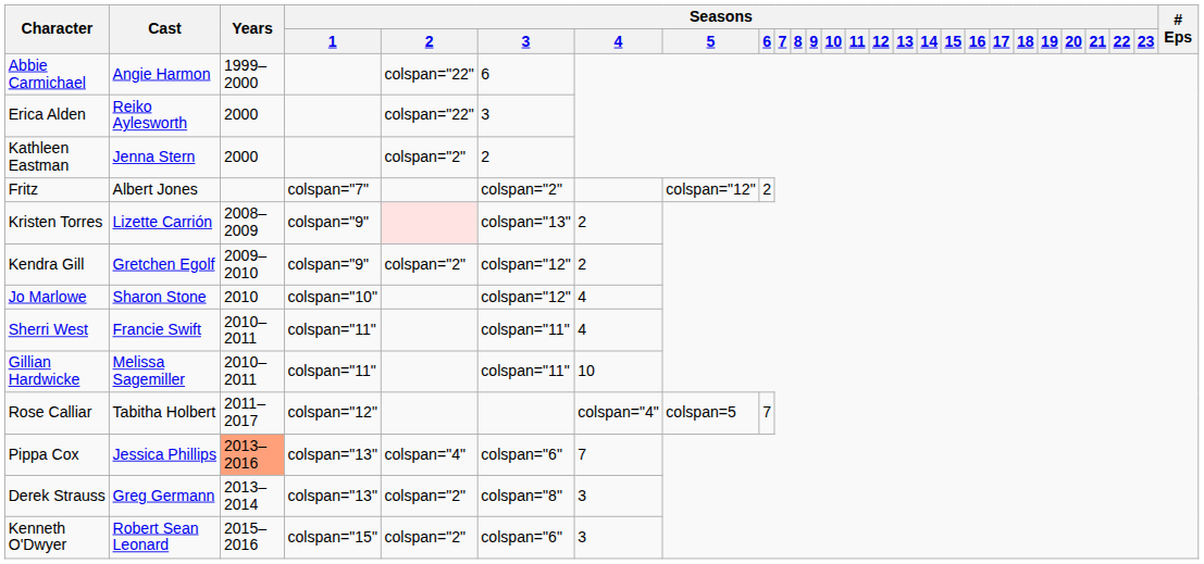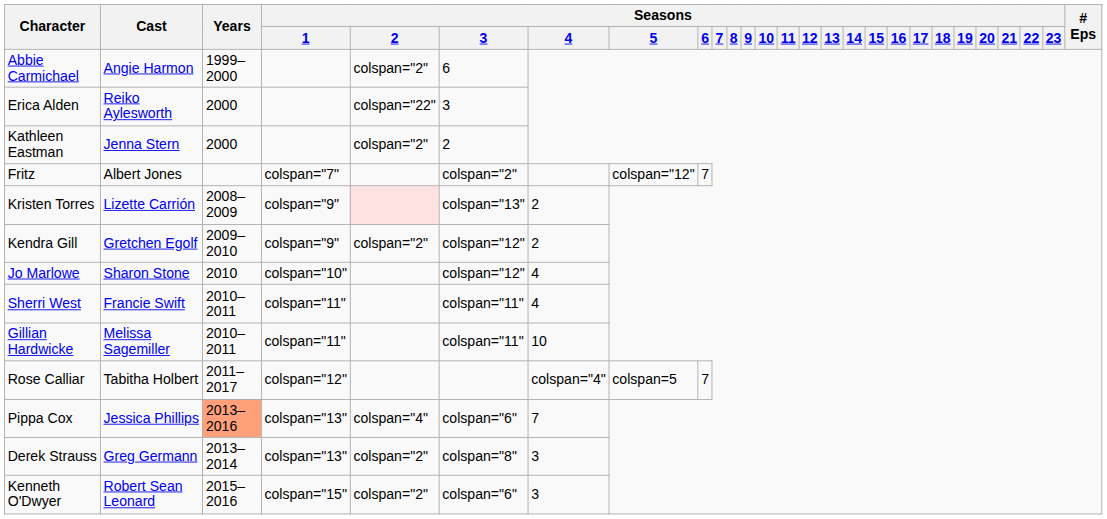 <table class="wikitable">
 <tr>
 <th rowspan="2">Character</th>
 <th rowspan="2">Cast</th>
 <th rowspan="2">Years</th>
 <th colspan="23">Seasons</th>
 <th rowspan="2"># Eps</th>
 </tr>
 <tr>
 <th><a href='#'>1</a></th>
 <th><a href='#'>2</a></th>
 <th><a href='#'>3</a></th>
 <th><a href='#'>4</a></th>
 <th><a href='#'>5</a></th>
 <th><a href='#'>6</a></th>
 <th><a href='#'>7</a></th>
 <th><a href='#'>8</a></th>
 <th><a href='#'>9</a></th>
 <th><a href='#'>10</a></th>
 <th><a href='#'>11</a></th>
 <th><a href='#'>12</a></th>
 <th><a href='#'>13</a></th>
 <th><a href='#'>14</a></th>
 <th><a href='#'>15</a></th>
 <th><a href='#'>16</a></th>
 <th><a href='#'>17</a></th>
 <th><a href='#'>18</a></th>
 <th><a href='#'>19</a></th>
 <th><a href='#'>20</a></th>
 <th><a href='#'>21</a></th>
 <th><a href='#'>22</a></th>
 <th><a href='#'>23</a></th>
 </tr>
 <tr>
 <td><a href='#'>Abbie Carmichael</a></td>
 <td><a href='#'>Angie Harmon</a></td>
 <td>1999–2000</td>
 <td></td>
-<td>colspan="22" </td>
+<td>colspan="2" </td>
 <td>6</td>
 </tr>
 <tr>
 <td>Erica Alden</td>
 <td><a href='#'>Reiko Aylesworth</a></td>
 <td>2000</td>
 <td></td>
 <td>colspan="22" </td>
 <td>3</td>
 </tr>
 <tr>
 <td>Kathleen Eastman</td>
 <td><a href='#'>Jenna Stern</a></td>
 <td>2000</td>
 <td></td>
 <td>colspan="2" </td>
 <td>2</td>
 </tr>
 <tr>
 <td>Fritz</td>
 <td>Albert Jones</td>
 <td></td>
 <td>colspan="7" </td>
 <td></td>
 <td>colspan="2" </td>
 <td></td>
 <td>colspan="12" </td>
-<td>2</td>
+<td>7</td>
 </tr>
 <tr>
 <td>Kristen Torres</td>
 <td><a href='#'>Lizette Carrión</a></td>
 <td>2008–2009</td>
 <td>colspan="9" </td>
 <td style="background:#ffe3e3;"></td>
 <td>colspan="13" </td>
 <td>2</td>
 </tr>
 <tr>
 <td>Kendra Gill</td>
 <td><a href='#'>Gretchen Egolf</a></td>
 <td>2009–2010</td>
 <td>colspan="9" </td>
 <td>colspan="2" </td>
 <td>colspan="12" </td>
 <td>2</td>
 </tr>
 <tr>
 <td><a href='#'>Jo Marlowe</a></td>
 <td><a href='#'>Sharon Stone</a></td>
 <td>2010</td>
 <td>colspan="10" </td>
 <td></td>
 <td>colspan="12" </td>
 <td>4</td>
 </tr>
 <tr>
 <td><a href='#'>Sherri West</a></td>
 <td><a href='#'>Francie Swift</a></td>
 <td>2010–2011</td>
 <td>colspan="11" </td>
 <td></td>
 <td>colspan="11" </td>
 <td>4</td>
 </tr>
 <tr>
 <td><a href='#'>Gillian Hardwicke</a></td>
 <td><a href='#'>Melissa Sagemiller</a></td>
 <td>2010–2011</td>
 <td>colspan="11" </td>
 <td></td>
 <td>colspan="11" </td>
 <td>10</td>
 </tr>
 <tr>
 <td>Rose Calliar</td>
 <td>Tabitha Holbert</td>
 <td>2011–2017</td>
 <td>colspan="12" </td>
 <td></td>
 <td></td>
 <td>colspan="4" </td>
 <td>colspan=5 </td>
 <td>7</td>
 </tr>
 <tr>
 <td>Pippa Cox</td>
 <td><a href='#'>Jessica Phillips</a></td>
 <td style="background: lightsalmon;">2013–2016</td>
 <td>colspan="13" </td>
 <td>colspan="4" </td>
 <td>colspan="6" </td>
 <td>7</td>
 </tr>
 <tr>
 <td>Derek Strauss</td>
 <td><a href='#'>Greg Germann</a></td>
 <td>2013–2014</td>
 <td>colspan="13" </td>
 <td>colspan="2" </td>
 <td>colspan="8" </td>
 <td>3</td>
 </tr>
 <tr>
 <td>Kenneth O'Dwyer</td>
 <td><a href='#'>Robert Sean Leonard</a></td>
 <td>2015–2016</td>
 <td>colspan="15" </td>
 <td>colspan="2" </td>
 <td>colspan="6" </td>
 <td>3</td>
 </tr>
 </table>
